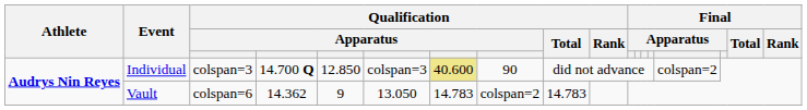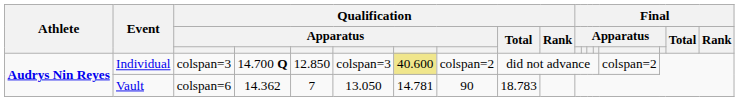 <table class="wikitable" style="font-size:90%">
 <tr>
 <th rowspan=3>Athlete</th>
 <th rowspan=3>Event</th>
 <th colspan =8>Qualification</th>
 <th colspan =8>Final</th>
 </tr>
 <tr style="font-size:95%">
 <th colspan=6>Apparatus</th>
 <th rowspan=2>Total</th>
 <th rowspan=2>Rank</th>
 <th colspan=6>Apparatus</th>
 <th rowspan=2>Total</th>
 <th rowspan=2>Rank</th>
 </tr>
 <tr style="font-size:95%">
 <th></th>
 <th></th>
 <th></th>
 <th></th>
 <th></th>
 <th></th>
 <th></th>
 <th></th>
 <th></th>
 <th></th>
 <th></th>
 <th></th>
 </tr>
 <tr align=center>
 <td rowspan=2 align=left><strong><a href='#'>Audrys Nin Reyes</a></strong></td>
 <td align=left><a href='#'>Individual</a></td>
 <td>colspan=3 </td>
 <td>14.700 <strong>Q</strong></td>
 <td>12.850</td>
 <td>colspan=3 </td>
 <td style="background: khaki;">40.600</td>
-<td>90</td>
+<td>colspan=2 </td>
 <td colspan=6>did not advance</td>
 <td>colspan=2 </td>
 </tr>
 <tr align=center>
 <td align=left><a href='#'>Vault</a></td>
 <td>colspan=6 </td>
 <td>14.362</td>
-<td>9</td>
+<td>7</td>
 <td>13.050</td>
-<td>14.783</td>
-<td>colspan=2 </td>
-<td>14.783</td>
+<td>14.781</td>
+<td>90</td>
+<td>18.783</td>
 <td></td>
 </tr>
 </table>
